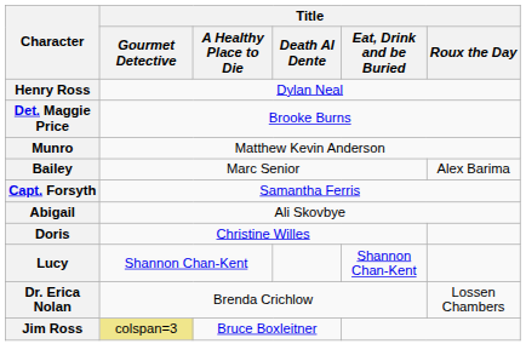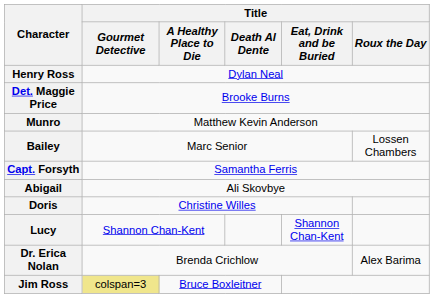 <table class="wikitable" style="text-align:center;">
 <tr>
 <th scope="col" rowspan="2" style="width:4%;">Character</th>
 <th scope="col" colspan=5>Title</th>
 </tr>
 <tr>
 <th scope="col" style="width:4%;"><em>Gourmet Detective</em></th>
 <th scope="col" style="width:4%;"><em>A Healthy Place to Die</em></th>
 <th scope="col" style="width:4%;"><em>Death Al Dente</em></th>
 <th scope="col" style="width:4%;"><em>Eat, Drink and be Buried</em></th>
 <th scope="col" style="width:4%;"><em>Roux the Day</em></th>
 </tr>
 <tr>
 <th scope="row">Henry Ross</th>
 <td colspan="5"><a href='#'>Dylan Neal</a></td>
 </tr>
 <tr>
 <th scope="row"><a href='#'>Det.</a> Maggie Price</th>
 <td colspan="5"><a href='#'>Brooke Burns</a></td>
 </tr>
 <tr>
 <th scope="row">Munro</th>
 <td colspan="5">Matthew Kevin Anderson</td>
 </tr>
 <tr>
 <th scope="row">Bailey</th>
 <td colspan="4">Marc Senior</td>
-<td>Alex Barima</td>
+<td>Lossen Chambers</td>
 </tr>
 <tr>
 <th scope="row"><a href='#'>Capt.</a> Forsyth</th>
 <td colspan="5"><a href='#'>Samantha Ferris</a></td>
 </tr>
 <tr>
 <th scope="row">Abigail</th>
 <td colspan="5">Ali Skovbye</td>
 </tr>
 <tr>
 <th scope="row">Doris</th>
 <td colspan="4"><a href='#'>Christine Willes</a></td>
 <td></td>
 </tr>
 <tr>
 <th scope="row">Lucy</th>
 <td colspan="2"><a href='#'>Shannon Chan-Kent</a></td>
 <td></td>
 <td><a href='#'>Shannon Chan-Kent</a></td>
 <td></td>
 </tr>
 <tr>
 <th scope="row">Dr. Erica Nolan</th>
 <td colspan="4">Brenda Crichlow</td>
-<td>Lossen Chambers</td>
+<td>Alex Barima</td>
 </tr>
 <tr>
 <th scope="row">Jim Ross</th>
 <td style="background: khaki;">colspan=3 </td>
 <td colspan="2"><a href='#'>Bruce Boxleitner</a></td>
 </tr>
 </table>
